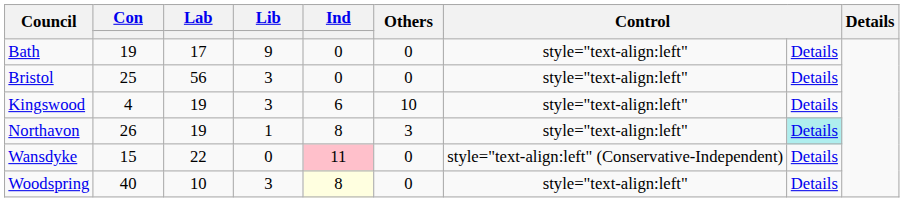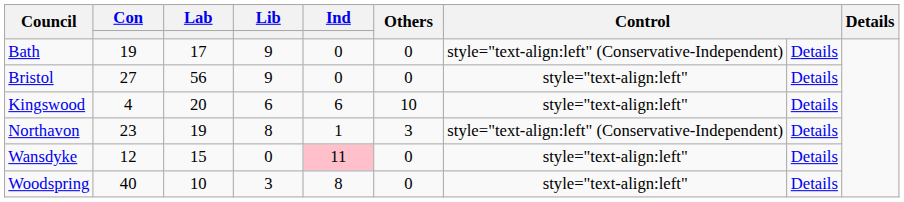 <table class="wikitable" style="text-align:center;">
 <tr>
 <th rowspan=2>Council</th>
 <th style="width:60px;"><a href='#'>Con</a></th>
 <th style="width:60px;"><a href='#'>Lab</a></th>
 <th style="width:60px;"><a href='#'>Lib</a></th>
 <th style="width:60px;"><a href='#'>Ind</a></th>
 <th style="width:60px;" rowspan=2>Others</th>
 <th rowspan=2 colspan=2>Control</th>
 <th rowspan=2>Details</th>
 </tr>
 <tr>
 <th style="background:"></th>
 <th style="background:"></th>
 <th style="background:"></th>
 <th style="background:"></th>
 </tr>
 <tr>
 <td style="text-align:left"><a href='#'>Bath</a></td>
 <td>19</td>
 <td>17</td>
 <td>9</td>
 <td>0</td>
 <td>0</td>
-<td>style="text-align:left" </td>
+<td>style="text-align:left"  (Conservative-Independent)</td>
 <td style="text-align:left"><a href='#'>Details</a></td>
 </tr>
 <tr>
 <td style="text-align:left"><a href='#'>Bristol</a></td>
-<td>25</td>
+<td>27</td>
 <td>56</td>
-<td>3</td>
+<td>9</td>
 <td>0</td>
 <td>0</td>
 <td>style="text-align:left" </td>
 <td style="text-align:left"><a href='#'>Details</a></td>
 </tr>
 <tr>
 <td style="text-align:left"><a href='#'>Kingswood</a></td>
 <td>4</td>
-<td>19</td>
-<td>3</td>
+<td>20</td>
+<td>6</td>
 <td>6</td>
 <td>10</td>
 <td>style="text-align:left" </td>
 <td style="text-align:left"><a href='#'>Details</a></td>
 </tr>
 <tr>
 <td style="text-align:left"><a href='#'>Northavon</a></td>
-<td>26</td>
+<td>23</td>
 <td>19</td>
+<td>8</td>
 <td>1</td>
-<td>8</td>
 <td>3</td>
-<td>style="text-align:left" </td>
-<td style="background: paleturquoise; text-align:left"><a href='#'>Details</a></td>
+<td>style="text-align:left"  (Conservative-Independent)</td>
+<td style="text-align:left"><a href='#'>Details</a></td>
 </tr>
 <tr>
 <td style="text-align:left"><a href='#'>Wansdyke</a></td>
+<td>12</td>
 <td>15</td>
-<td>22</td>
 <td>0</td>
 <td style="background: pink;">11</td>
 <td>0</td>
-<td>style="text-align:left"  (Conservative-Independent)</td>
+<td>style="text-align:left" </td>
 <td style="text-align:left"><a href='#'>Details</a></td>
 </tr>
 <tr>
 <td style="text-align:left"><a href='#'>Woodspring</a></td>
 <td>40</td>
 <td>10</td>
 <td>3</td>
-<td style="background: lightyellow;">8</td>
+<td>8</td>
 <td>0</td>
 <td>style="text-align:left" </td>
 <td style="text-align:left"><a href='#'>Details</a></td>
 </tr>
 </table>
